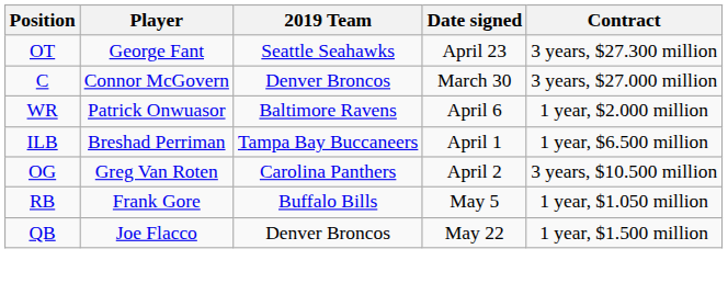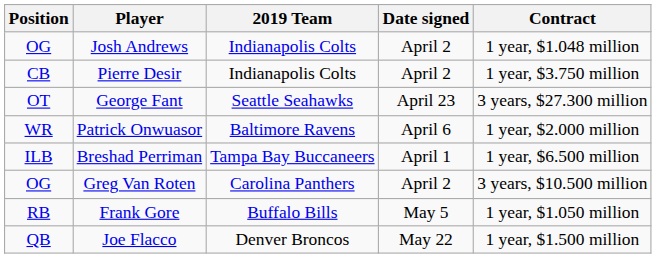 <table class="wikitable" style="text-align:center">
 <tr>
 <th>Position</th>
 <th>Player</th>
 <th>2019 Team</th>
 <th>Date signed</th>
 <th>Contract</th>
 </tr>
 <tr>
+<td><a href='#'>OG</a></td>
+<td><a href='#'>Josh Andrews</a></td>
+<td><a href='#'>Indianapolis Colts</a></td>
+<td>April 2</td>
+<td>1 year, $1.048 million</td>
+</tr>
+<tr>
+<td><a href='#'>CB</a></td>
+<td><a href='#'>Pierre Desir</a></td>
+<td>Indianapolis Colts</td>
+<td>April 2</td>
+<td>1 year, $3.750 million</td>
+</tr>
+<tr>
 <td><a href='#'>OT</a></td>
 <td><a href='#'>George Fant</a></td>
 <td><a href='#'>Seattle Seahawks</a></td>
 <td>April 23</td>
 <td>3 years, $27.300 million</td>
-</tr>
-<tr>
-<td><a href='#'>C</a></td>
-<td><a href='#'>Connor McGovern</a></td>
-<td><a href='#'>Denver Broncos</a></td>
-<td>March 30</td>
-<td>3 years, $27.000 million</td>
 </tr>
 <tr>
 <td><a href='#'>WR</a></td>
 <td><a href='#'>Patrick Onwuasor</a></td>
 <td><a href='#'>Baltimore Ravens</a></td>
 <td>April 6</td>
 <td>1 year, $2.000 million</td>
 </tr>
 <tr>
 <td><a href='#'>ILB</a></td>
 <td><a href='#'>Breshad Perriman</a></td>
 <td><a href='#'>Tampa Bay Buccaneers</a></td>
 <td>April 1</td>
 <td>1 year, $6.500 million</td>
 </tr>
 <tr>
 <td><a href='#'>OG</a></td>
 <td><a href='#'>Greg Van Roten</a></td>
 <td><a href='#'>Carolina Panthers</a></td>
 <td>April 2</td>
 <td>3 years, $10.500 million</td>
 </tr>
 <tr>
 <td><a href='#'>RB</a></td>
 <td><a href='#'>Frank Gore</a></td>
 <td><a href='#'>Buffalo Bills</a></td>
 <td>May 5</td>
 <td>1 year, $1.050 million</td>
 </tr>
 <tr>
 <td><a href='#'>QB</a></td>
 <td><a href='#'>Joe Flacco</a></td>
 <td>Denver Broncos</td>
 <td>May 22</td>
 <td>1 year, $1.500 million</td>
 </tr>
 </table>
